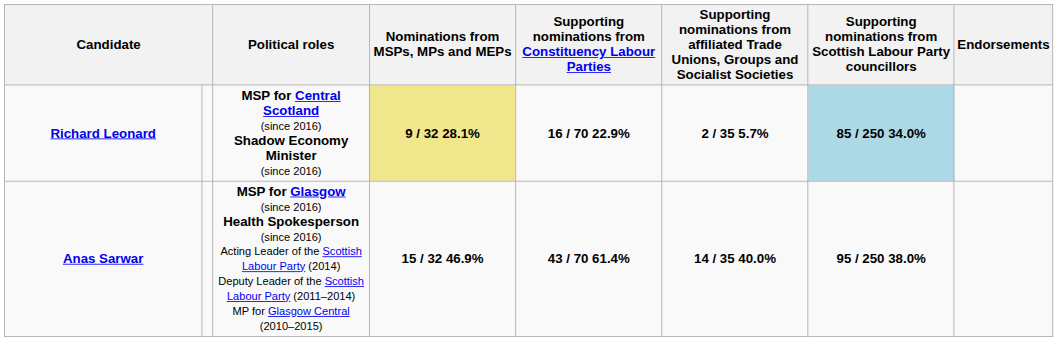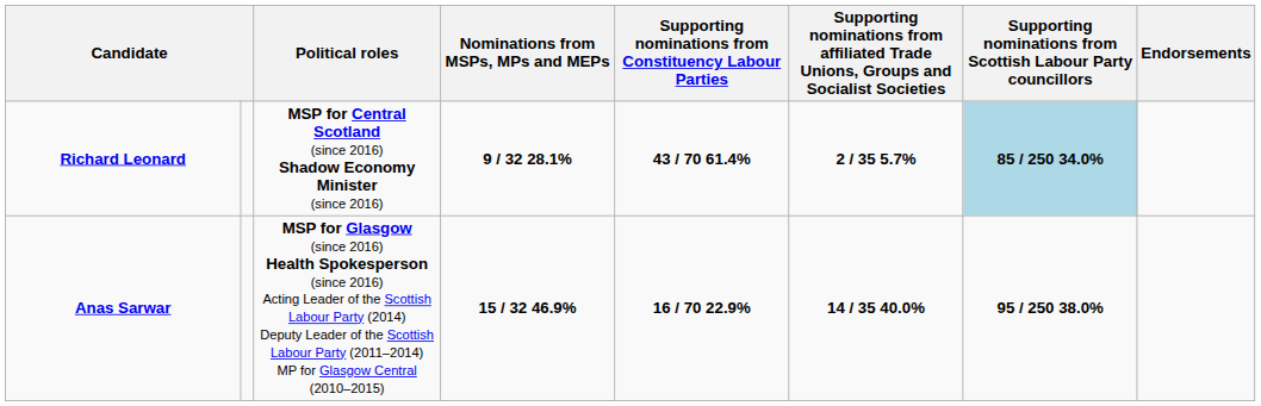 <table class="wikitable" style="width:100%; text-align:center;">
 <tr>
 <th colspan="2" style="width:20%;">Candidate</th>
 <th style="width:15%;">Political roles</th>
 <th style="width:14%;">Nominations from MSPs, MPs and MEPs</th>
 <th style="width:14%;">Supporting nominations from <a href='#'>Constituency Labour Parties</a></th>
 <th style="width:14%;">Supporting nominations from affiliated Trade Unions, Groups and Socialist Societies</th>
 <th style="width:14%;">Supporting nominations from Scottish Labour Party councillors</th>
 <th style="width:14%;">Endorsements</th>
 </tr>
 <tr>
 <td><strong><a href='#'>Richard Leonard</a></strong></td>
 <td></td>
 <td><strong>MSP for <a href='#'>Central Scotland</a></strong><small><br>(since 2016)</small><br><strong>Shadow Economy Minister</strong><br> <small>(since 2016)</small></td>
-<td align=center style="background: khaki;"><strong>9 / 32</strong>    <strong>28.1%</strong>  </td>
-<td align=center><strong>16 / 70</strong>   <strong>22.9%</strong> </td>
+<td align=center><strong>9 / 32</strong>    <strong>28.1%</strong>  </td>
+<td align=center><strong>43 / 70</strong>    <strong>61.4%</strong>  </td>
 <td align=center><strong>2 / 35</strong>    <strong>5.7%</strong>  </td>
 <td align=center style="background: lightblue;"><strong>85 / 250</strong>    <strong>34.0%</strong></td>
 <td></td>
 </tr>
 <tr>
 <td><strong><a href='#'>Anas Sarwar</a></strong></td>
 <td></td>
 <td><strong>MSP for <a href='#'>Glasgow</a></strong><br> <small>(since 2016)</small><br><strong>Health Spokesperson </strong><br> <small>(since 2016)</small> <br><small>Acting Leader of the <a href='#'>Scottish Labour Party</a> (2014)</small> <br><small>Deputy Leader of the <a href='#'>Scottish Labour Party</a> (2011–2014)</small> <br><small>MP for <a href='#'>Glasgow Central</a> (2010–2015)</small></td>
 <td align=center><strong>15 / 32</strong>   <strong>46.9%</strong> </td>
-<td align=center><strong>43 / 70</strong>    <strong>61.4%</strong>  </td>
+<td align=center><strong>16 / 70</strong>   <strong>22.9%</strong> </td>
 <td align=center><strong>14 / 35</strong>    <strong>40.0%</strong>  </td>
 <td align=center><strong>95 / 250</strong>    <strong>38.0%</strong></td>
 <td></td>
 </tr>
 </table>
